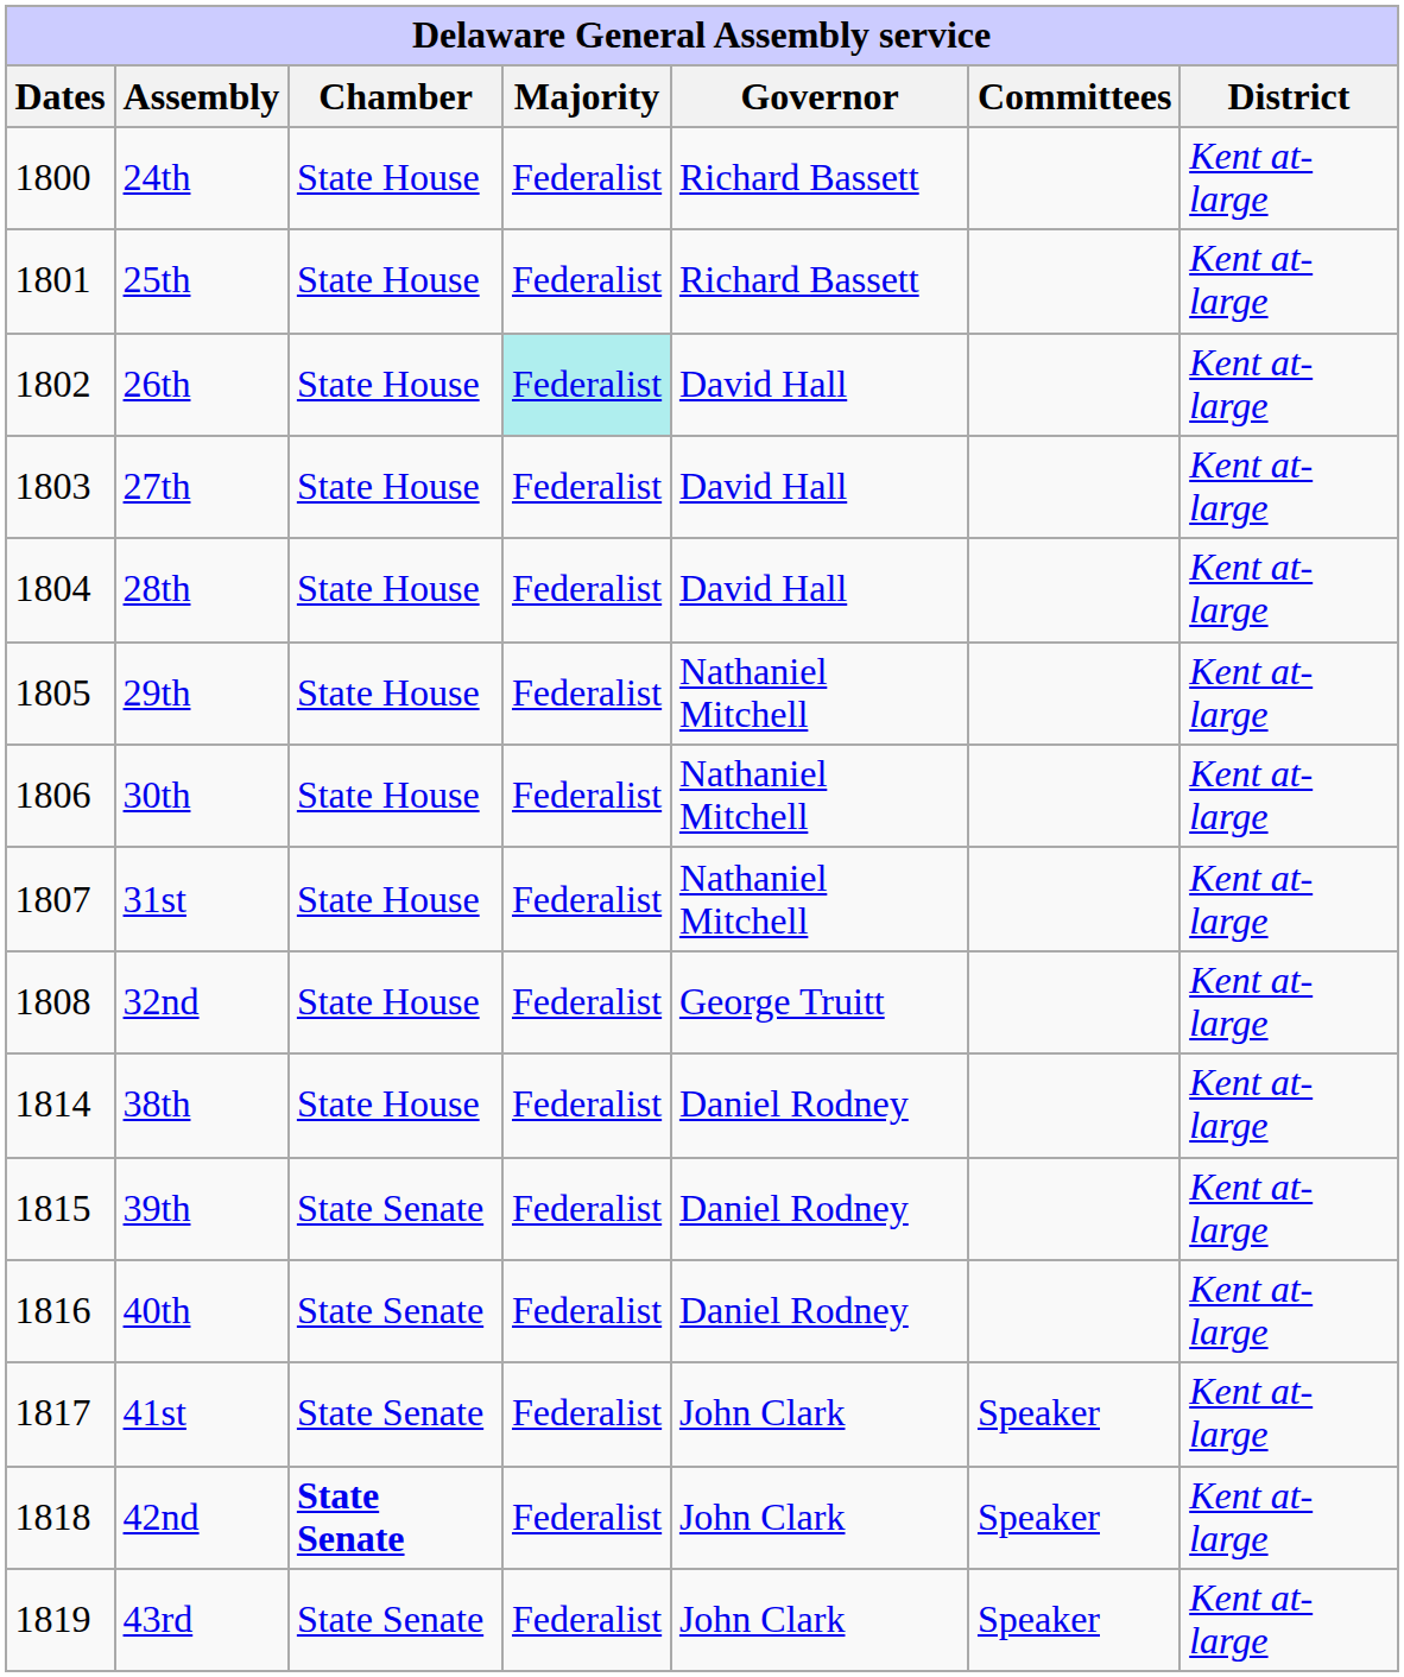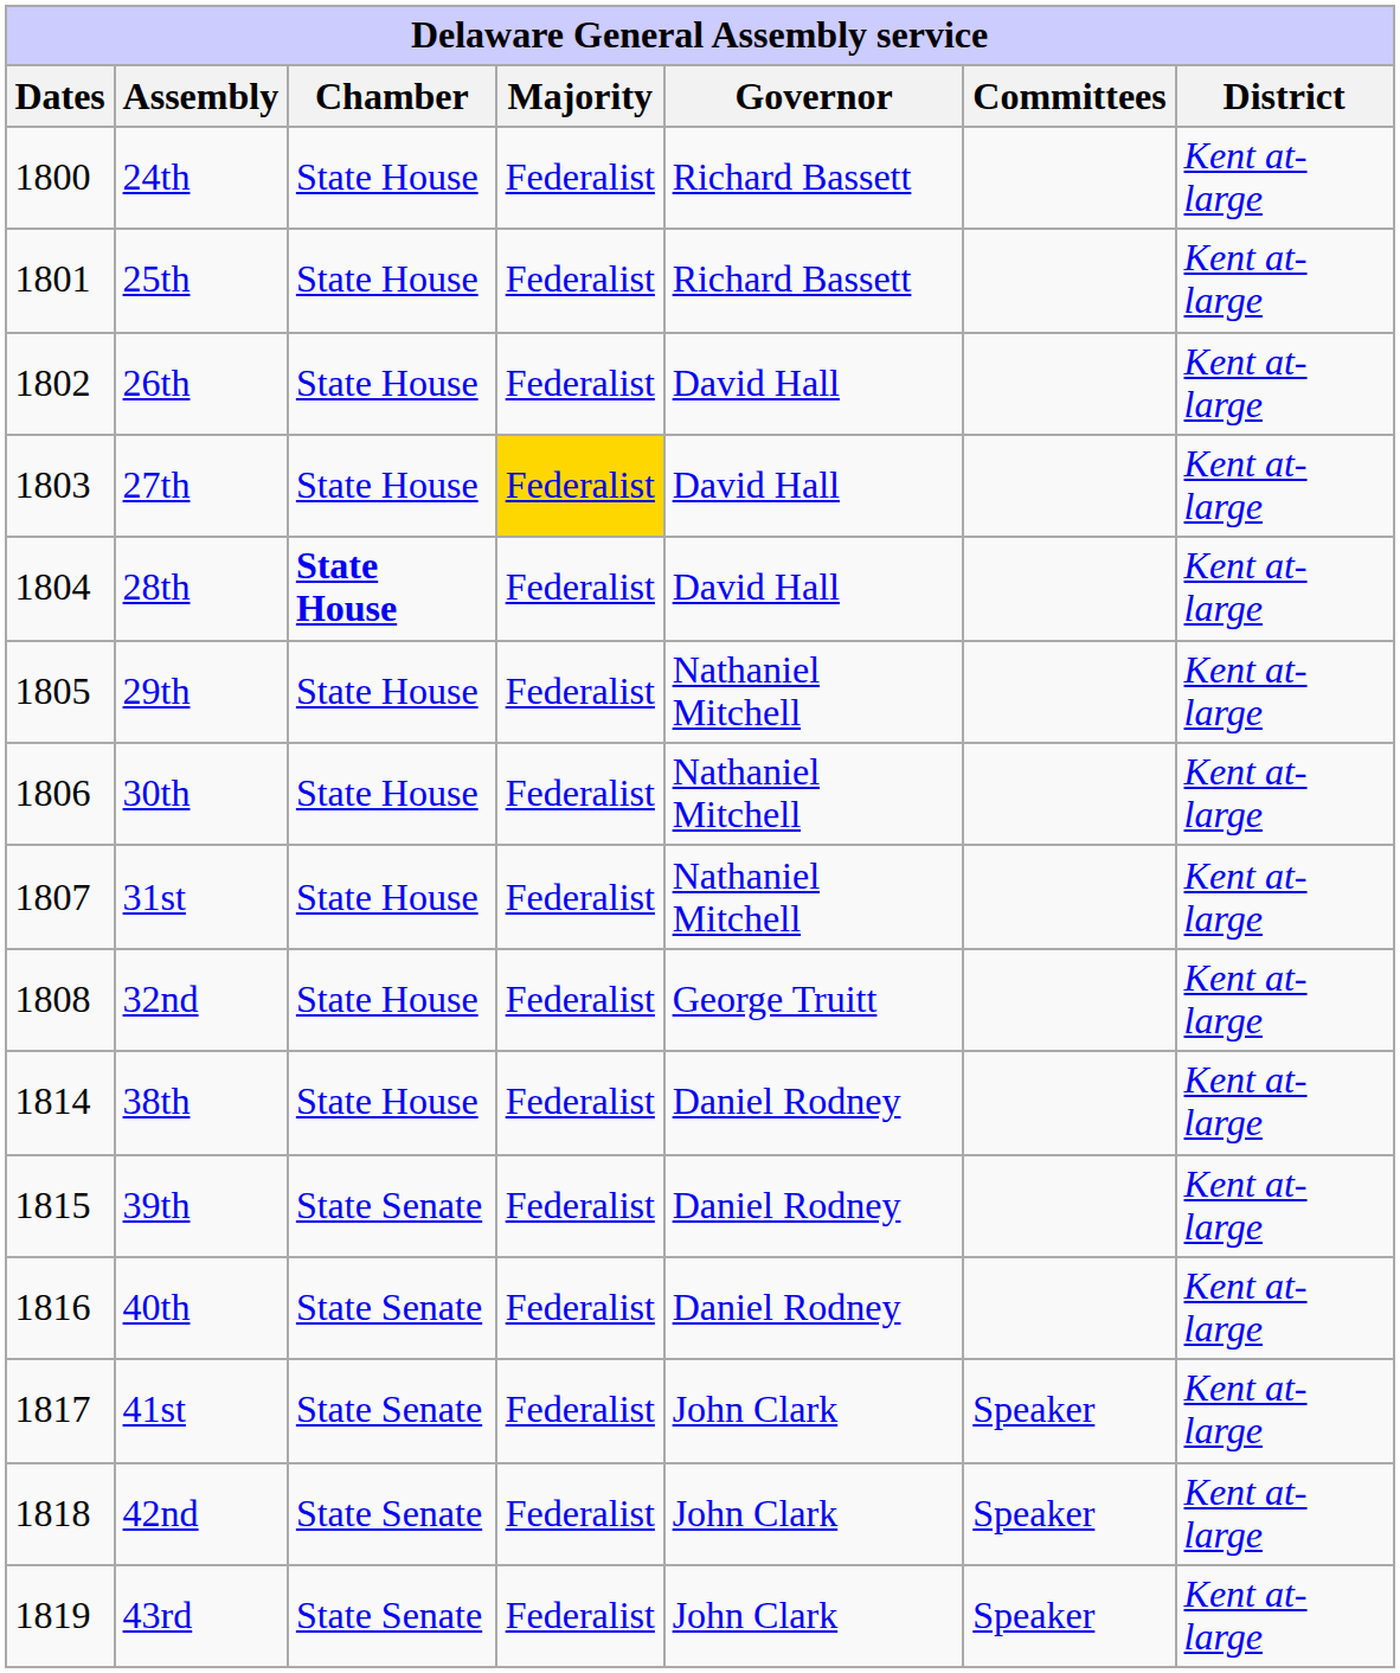 <table class=wikitable style="width: 94%" style="text-align: center;" align="center">
 <tr bgcolor=#cccccc>
 <th colspan=7 style="background: #ccccff;">Delaware General Assembly service</th>
 </tr>
 <tr>
 <th><strong>Dates</strong></th>
 <th><strong>Assembly</strong></th>
 <th><strong>Chamber</strong></th>
 <th><strong>Majority</strong></th>
 <th><strong>Governor</strong></th>
 <th><strong>Committees</strong></th>
 <th><strong>District</strong></th>
 </tr>
 <tr>
 <td>1800</td>
 <td><a href='#'>24th</a></td>
 <td><a href='#'>State House</a></td>
 <td><a href='#'>Federalist</a></td>
 <td><a href='#'>Richard Bassett</a></td>
 <td></td>
 <td><a href='#'><em>Kent at-large</em></a></td>
 </tr>
 <tr>
 <td>1801</td>
 <td><a href='#'>25th</a></td>
 <td><a href='#'>State House</a></td>
 <td><a href='#'>Federalist</a></td>
 <td><a href='#'>Richard Bassett</a></td>
 <td></td>
 <td><a href='#'><em>Kent at-large</em></a></td>
 </tr>
 <tr>
 <td>1802</td>
 <td><a href='#'>26th</a></td>
 <td><a href='#'>State House</a></td>
-<td style="background: paleturquoise;"><a href='#'>Federalist</a></td>
+<td><a href='#'>Federalist</a></td>
 <td><a href='#'>David Hall</a></td>
 <td></td>
 <td><a href='#'><em>Kent at-large</em></a></td>
 </tr>
 <tr>
 <td>1803</td>
 <td><a href='#'>27th</a></td>
 <td><a href='#'>State House</a></td>
-<td><a href='#'>Federalist</a></td>
+<td style="background: gold;"><a href='#'>Federalist</a></td>
 <td><a href='#'>David Hall</a></td>
 <td></td>
 <td><a href='#'><em>Kent at-large</em></a></td>
 </tr>
 <tr>
 <td>1804</td>
 <td><a href='#'>28th</a></td>
-<td><a href='#'>State House</a></td>
+<td><strong><a href='#'>State House</a></strong></td>
 <td><a href='#'>Federalist</a></td>
 <td><a href='#'>David Hall</a></td>
 <td></td>
 <td><a href='#'><em>Kent at-large</em></a></td>
 </tr>
 <tr>
 <td>1805</td>
 <td><a href='#'>29th</a></td>
 <td><a href='#'>State House</a></td>
 <td><a href='#'>Federalist</a></td>
 <td><a href='#'>Nathaniel Mitchell</a></td>
 <td></td>
 <td><a href='#'><em>Kent at-large</em></a></td>
 </tr>
 <tr>
 <td>1806</td>
 <td><a href='#'>30th</a></td>
 <td><a href='#'>State House</a></td>
 <td><a href='#'>Federalist</a></td>
 <td><a href='#'>Nathaniel Mitchell</a></td>
 <td></td>
 <td><a href='#'><em>Kent at-large</em></a></td>
 </tr>
 <tr>
 <td>1807</td>
 <td><a href='#'>31st</a></td>
 <td><a href='#'>State House</a></td>
 <td><a href='#'>Federalist</a></td>
 <td><a href='#'>Nathaniel Mitchell</a></td>
 <td></td>
 <td><a href='#'><em>Kent at-large</em></a></td>
 </tr>
 <tr>
 <td>1808</td>
 <td><a href='#'>32nd</a></td>
 <td><a href='#'>State House</a></td>
 <td><a href='#'>Federalist</a></td>
 <td><a href='#'>George Truitt</a></td>
 <td></td>
 <td><a href='#'><em>Kent at-large</em></a></td>
 </tr>
 <tr>
 <td>1814</td>
 <td><a href='#'>38th</a></td>
 <td><a href='#'>State House</a></td>
 <td><a href='#'>Federalist</a></td>
 <td><a href='#'>Daniel Rodney</a></td>
 <td></td>
 <td><a href='#'><em>Kent at-large</em></a></td>
 </tr>
 <tr>
 <td>1815</td>
 <td><a href='#'>39th</a></td>
 <td><a href='#'>State Senate</a></td>
 <td><a href='#'>Federalist</a></td>
 <td><a href='#'>Daniel Rodney</a></td>
 <td></td>
 <td><a href='#'><em>Kent at-large</em></a></td>
 </tr>
 <tr>
 <td>1816</td>
 <td><a href='#'>40th</a></td>
 <td><a href='#'>State Senate</a></td>
 <td><a href='#'>Federalist</a></td>
 <td><a href='#'>Daniel Rodney</a></td>
 <td></td>
 <td><a href='#'><em>Kent at-large</em></a></td>
 </tr>
 <tr>
 <td>1817</td>
 <td><a href='#'>41st</a></td>
 <td><a href='#'>State Senate</a></td>
 <td><a href='#'>Federalist</a></td>
 <td><a href='#'>John Clark</a></td>
 <td><a href='#'>Speaker</a></td>
 <td><a href='#'><em>Kent at-large</em></a></td>
 </tr>
 <tr>
 <td>1818</td>
 <td><a href='#'>42nd</a></td>
-<td><strong><a href='#'>State Senate</a></strong></td>
+<td><a href='#'>State Senate</a></td>
 <td><a href='#'>Federalist</a></td>
 <td><a href='#'>John Clark</a></td>
 <td><a href='#'>Speaker</a></td>
 <td><a href='#'><em>Kent at-large</em></a></td>
 </tr>
 <tr>
 <td>1819</td>
 <td><a href='#'>43rd</a></td>
 <td><a href='#'>State Senate</a></td>
 <td><a href='#'>Federalist</a></td>
 <td><a href='#'>John Clark</a></td>
 <td><a href='#'>Speaker</a></td>
 <td><a href='#'><em>Kent at-large</em></a></td>
 </tr>
 </table>
